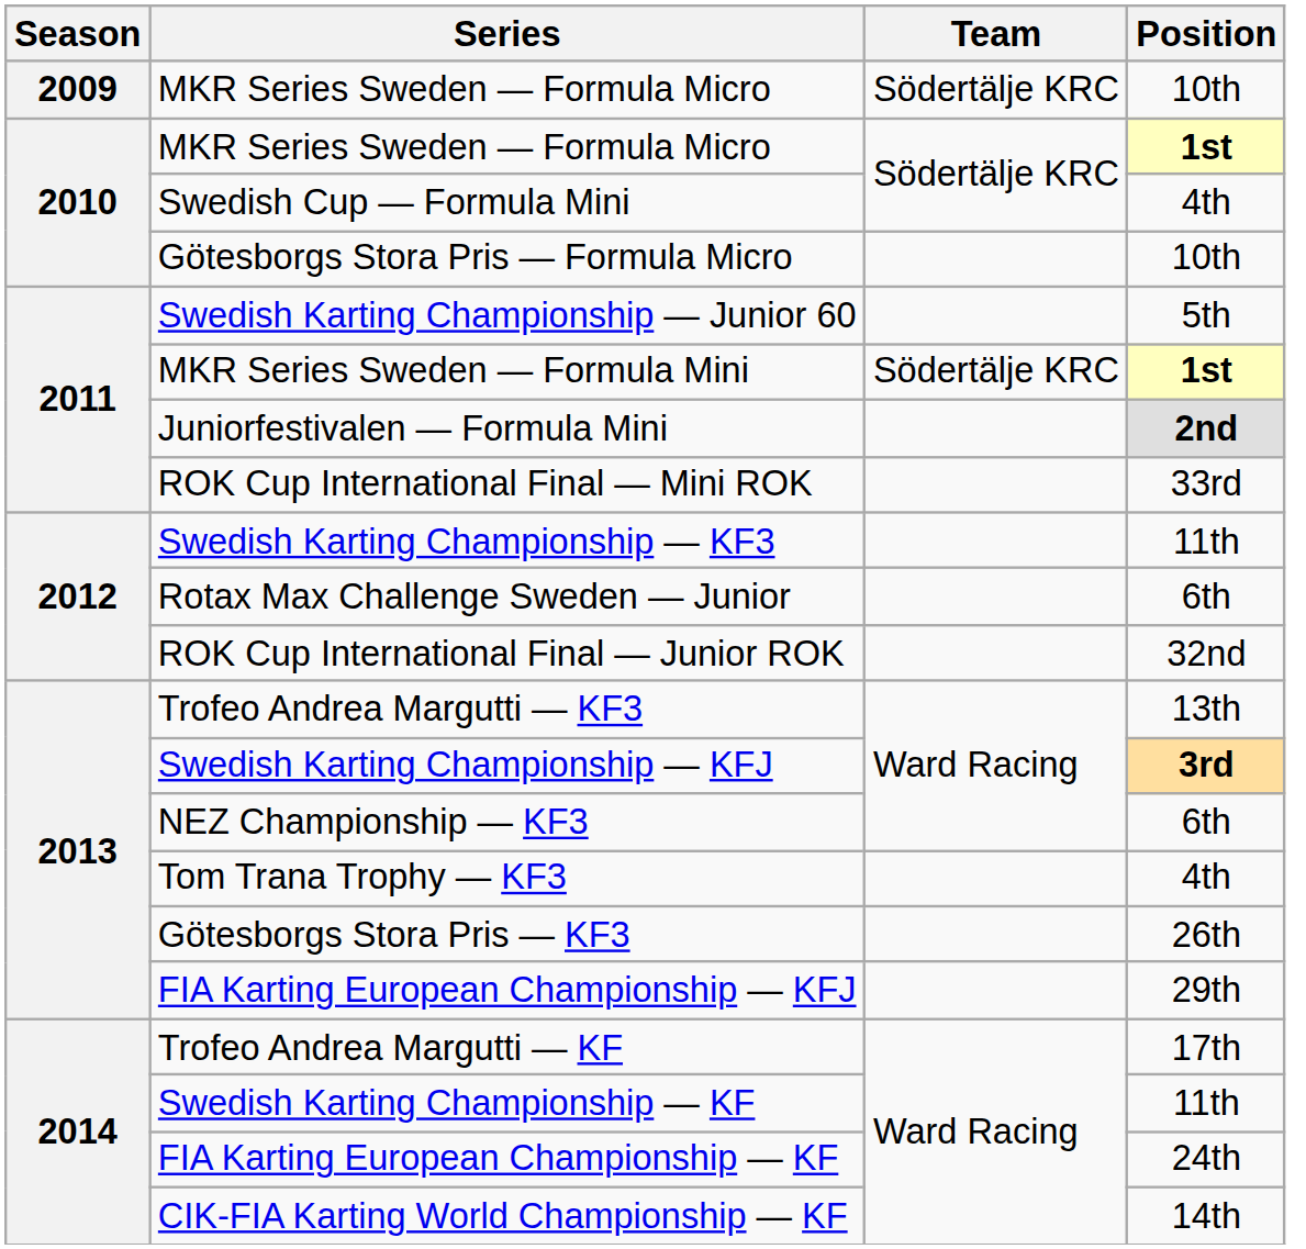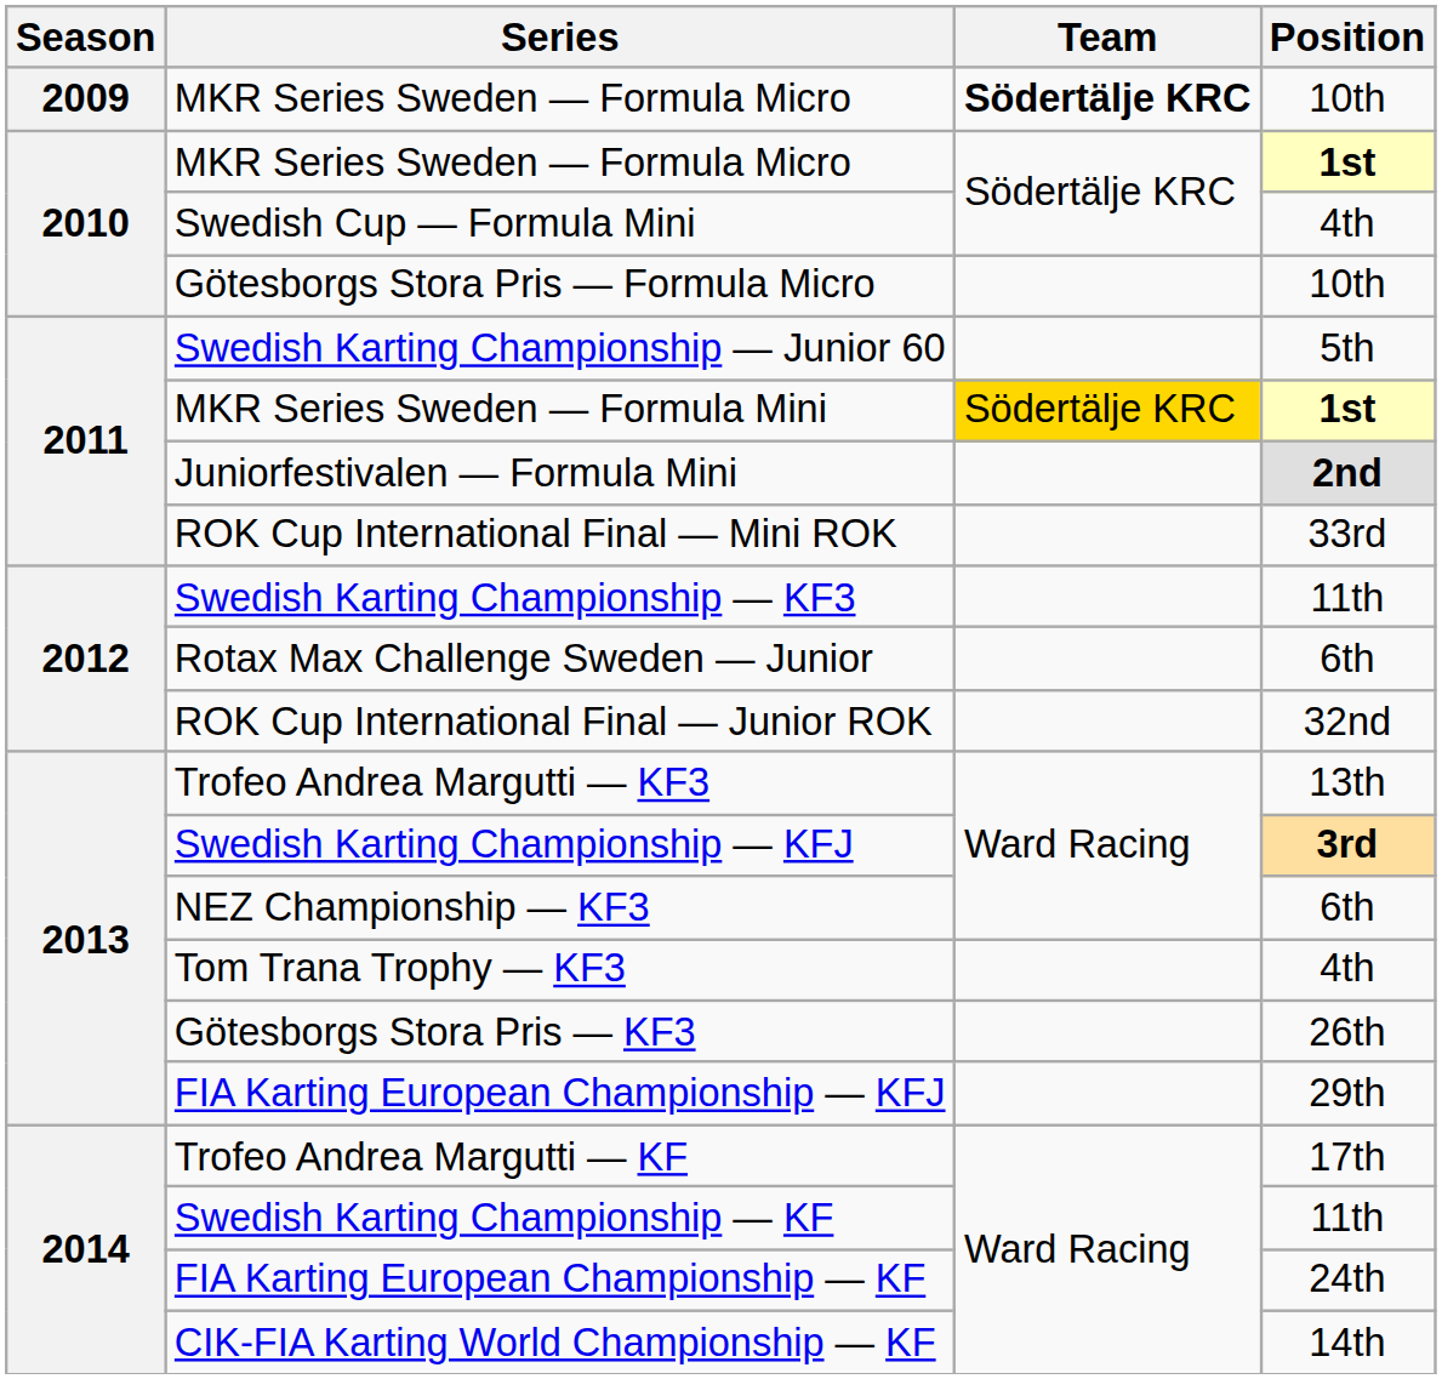 <table class="wikitable" style="font-size: 85%; text-align:center">
 <tr>
 <th>Season</th>
 <th>Series</th>
 <th>Team</th>
 <th>Position</th>
 </tr>
 <tr>
 <th>2009</th>
 <td align="left">MKR Series Sweden — Formula Micro</td>
-<td align="left">Södertälje KRC</td>
+<td align="left"><strong>Södertälje KRC</strong></td>
 <td>10th</td>
 </tr>
 <tr>
 <th rowspan=3>2010</th>
 <td align="left">MKR Series Sweden — Formula Micro</td>
 <td align="left" rowspan=2>Södertälje KRC</td>
 <td style="background:#FFFFBF;"><strong>1st</strong></td>
 </tr>
 <tr>
 <td align="left">Swedish Cup — Formula Mini</td>
 <td>4th</td>
 </tr>
 <tr>
 <td align="left">Götesborgs Stora Pris — Formula Micro</td>
 <td align="left"></td>
 <td>10th</td>
 </tr>
 <tr>
 <th rowspan=4>2011</th>
 <td align="left"><a href='#'>Swedish Karting Championship</a> — Junior 60</td>
 <td align="left"></td>
 <td>5th</td>
 </tr>
 <tr>
 <td align="left">MKR Series Sweden — Formula Mini</td>
-<td align="left">Södertälje KRC</td>
+<td align="left" style="background: gold;">Södertälje KRC</td>
 <td style="background:#FFFFBF;"><strong>1st</strong></td>
 </tr>
 <tr>
 <td align="left">Juniorfestivalen — Formula Mini</td>
 <td align="left"></td>
 <td style="background:#DFDFDF;"><strong>2nd</strong></td>
 </tr>
 <tr>
 <td align="left">ROK Cup International Final — Mini ROK</td>
 <td align="left"></td>
 <td>33rd</td>
 </tr>
 <tr>
 <th rowspan=3>2012</th>
 <td align="left"><a href='#'>Swedish Karting Championship</a> — <a href='#'>KF3</a></td>
 <td></td>
 <td>11th</td>
 </tr>
 <tr>
 <td align="left">Rotax Max Challenge Sweden — Junior</td>
 <td></td>
 <td>6th</td>
 </tr>
 <tr>
 <td align="left">ROK Cup International Final — Junior ROK</td>
 <td></td>
 <td>32nd</td>
 </tr>
 <tr>
 <th rowspan=6>2013</th>
 <td align="left">Trofeo Andrea Margutti — <a href='#'>KF3</a></td>
 <td align="left" rowspan=3>Ward Racing</td>
 <td>13th</td>
 </tr>
 <tr>
 <td align="left"><a href='#'>Swedish Karting Championship</a> — <a href='#'>KFJ</a></td>
 <td style="background:#FFDF9F;"><strong>3rd</strong></td>
 </tr>
 <tr>
 <td align="left">NEZ Championship — <a href='#'>KF3</a></td>
 <td>6th</td>
 </tr>
 <tr>
 <td align="left">Tom Trana Trophy — <a href='#'>KF3</a></td>
 <td></td>
 <td>4th</td>
 </tr>
 <tr>
 <td align="left">Götesborgs Stora Pris — <a href='#'>KF3</a></td>
 <td></td>
 <td>26th</td>
 </tr>
 <tr>
 <td align="left"><a href='#'>FIA Karting European Championship</a> — <a href='#'>KFJ</a></td>
 <td></td>
 <td>29th</td>
 </tr>
 <tr>
 <th rowspan=4>2014</th>
 <td align="left">Trofeo Andrea Margutti — <a href='#'>KF</a></td>
 <td align="left" rowspan=4>Ward Racing</td>
 <td>17th</td>
 </tr>
 <tr>
 <td align="left"><a href='#'>Swedish Karting Championship</a> — <a href='#'>KF</a></td>
 <td>11th</td>
 </tr>
 <tr>
 <td align="left"><a href='#'>FIA Karting European Championship</a> — <a href='#'>KF</a></td>
 <td>24th</td>
 </tr>
 <tr>
 <td align="left"><a href='#'>CIK-FIA Karting World Championship</a> — <a href='#'>KF</a></td>
 <td>14th</td>
 </tr>
 <tr>
 </tr>
 </table>
